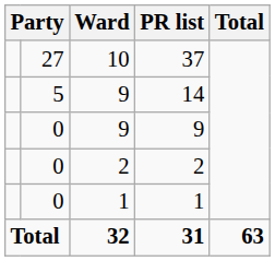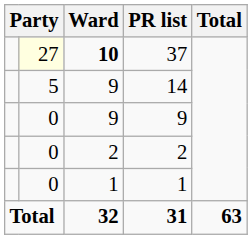 <table class=wikitable style="text-align:right">
 <tr>
 <th colspan=2>Party</th>
 <th>Ward</th>
 <th>PR list</th>
 <th>Total</th>
 </tr>
 <tr>
 <td></td>
-<td>27</td>
-<td>10</td>
+<td style="background: lightyellow;">27</td>
+<td><strong>10</strong></td>
 <td>37</td>
 </tr>
 <tr>
 <td></td>
 <td>5</td>
 <td>9</td>
 <td>14</td>
 </tr>
 <tr>
 <td></td>
 <td>0</td>
 <td>9</td>
 <td>9</td>
 </tr>
 <tr>
 <td></td>
 <td>0</td>
 <td>2</td>
 <td>2</td>
 </tr>
 <tr>
 <td></td>
 <td>0</td>
 <td>1</td>
 <td>1</td>
 </tr>
 <tr>
 <td colspan="2" style="text-align:left"><strong>Total</strong></td>
 <td><strong>32</strong></td>
 <td><strong>31</strong></td>
 <td><strong>63</strong></td>
 </tr>
 </table>
